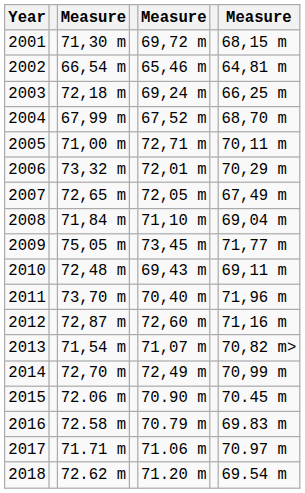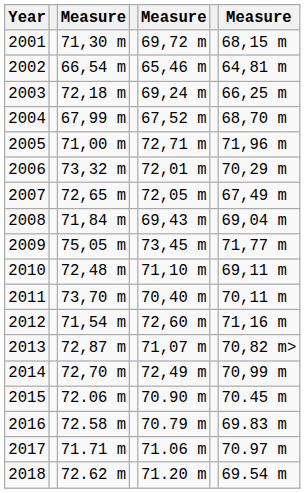 <table class="wikitable">
 <tr>
 <th>Year</th>
 <th></th>
 <th>Measure</th>
 <th></th>
 <th>Measure</th>
 <th></th>
 <th>Measure</th>
 </tr>
 <tr>
 <td>2001</td>
 <td></td>
 <td>71,30 m</td>
 <td></td>
 <td>69,72 m</td>
 <td></td>
 <td>68,15 m</td>
 </tr>
 <tr>
 <td>2002</td>
 <td></td>
 <td>66,54 m</td>
 <td></td>
 <td>65,46 m</td>
 <td></td>
 <td>64,81 m</td>
 </tr>
 <tr>
 <td>2003</td>
 <td></td>
 <td>72,18 m</td>
 <td></td>
 <td>69,24 m</td>
 <td></td>
 <td>66,25 m</td>
 </tr>
 <tr>
 <td>2004</td>
 <td></td>
 <td>67,99 m</td>
 <td></td>
 <td>67,52 m</td>
 <td></td>
 <td>68,70 m</td>
 </tr>
 <tr>
 <td>2005</td>
 <td></td>
 <td>71,00 m</td>
 <td></td>
 <td>72,71 m</td>
 <td></td>
-<td>70,11 m</td>
+<td>71,96 m</td>
 </tr>
 <tr>
 <td>2006</td>
 <td></td>
 <td>73,32 m</td>
 <td></td>
 <td>72,01 m</td>
 <td></td>
 <td>70,29 m</td>
 </tr>
 <tr>
 <td>2007</td>
 <td></td>
 <td>72,65 m</td>
 <td></td>
 <td>72,05 m</td>
 <td></td>
 <td>67,49 m</td>
 </tr>
 <tr>
 <td>2008</td>
 <td></td>
 <td>71,84 m</td>
 <td></td>
-<td>71,10 m</td>
+<td>69,43 m</td>
 <td></td>
 <td>69,04 m</td>
 </tr>
 <tr>
 <td>2009</td>
 <td></td>
 <td>75,05 m</td>
 <td></td>
 <td>73,45 m</td>
 <td></td>
 <td>71,77 m</td>
 </tr>
 <tr>
 <td>2010</td>
 <td></td>
 <td>72,48 m</td>
 <td></td>
-<td>69,43 m</td>
+<td>71,10 m</td>
 <td></td>
 <td>69,11 m</td>
 </tr>
 <tr>
 <td>2011</td>
 <td></td>
 <td>73,70 m</td>
 <td></td>
 <td>70,40 m</td>
 <td></td>
-<td>71,96 m</td>
+<td>70,11 m</td>
 </tr>
 <tr>
 <td>2012</td>
 <td></td>
-<td>72,87 m</td>
+<td>71,54 m</td>
 <td></td>
 <td>72,60 m</td>
 <td></td>
 <td>71,16 m</td>
 </tr>
 <tr>
 <td>2013</td>
 <td></td>
-<td>71,54 m</td>
+<td>72,87 m</td>
 <td></td>
 <td>71,07 m</td>
 <td></td>
 <td>70,82 m></td>
 </tr>
 <tr>
 <td>2014</td>
 <td></td>
 <td>72,70 m</td>
 <td></td>
 <td>72,49 m</td>
 <td></td>
 <td>70,99 m</td>
 </tr>
 <tr>
 <td>2015</td>
 <td></td>
 <td>72.06 m</td>
 <td></td>
 <td>70.90 m</td>
 <td></td>
 <td>70.45 m</td>
 </tr>
 <tr>
 <td>2016</td>
 <td></td>
 <td>72.58 m</td>
 <td></td>
 <td>70.79 m</td>
 <td></td>
 <td>69.83 m</td>
 </tr>
 <tr>
 <td>2017</td>
 <td></td>
 <td>71.71 m</td>
 <td></td>
 <td>71.06 m</td>
 <td></td>
 <td>70.97 m</td>
 </tr>
 <tr>
 <td>2018</td>
 <td></td>
 <td>72.62 m</td>
 <td></td>
 <td>71.20 m</td>
 <td></td>
 <td>69.54 m</td>
 </tr>
 </table>
